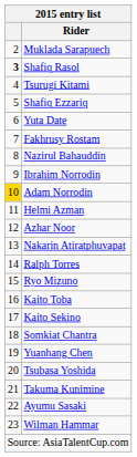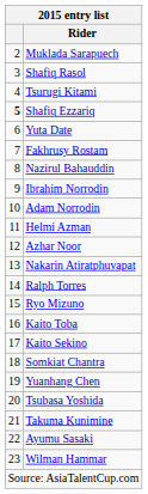 <table class="wikitable" style="font-size: 85%">
 <tr>
 <th colspan=3>2015 entry list</th>
 </tr>
 <tr>
 <th></th>
 <th>Rider</th>
 </tr>
 <tr>
 <td align=right>2</td>
 <td> <a href='#'>Muklada Sarapuech</a></td>
 </tr>
 <tr>
-<td align=right><strong>3</strong></td>
+<td align=right>3</td>
 <td> <a href='#'>Shafiq Rasol</a></td>
 </tr>
 <tr>
 <td align=right>4</td>
 <td> <a href='#'>Tsurugi Kitami</a></td>
 </tr>
 <tr>
-<td align=right>5</td>
+<td align=right><strong>5</strong></td>
 <td> <a href='#'>Shafiq Ezzariq</a></td>
 </tr>
 <tr>
 <td align=right>6</td>
 <td> <a href='#'>Yuta Date</a></td>
 </tr>
 <tr>
 <td align=right>7</td>
 <td> <a href='#'>Fakhrusy Rostam</a></td>
 </tr>
 <tr>
 <td align=right>8</td>
 <td> <a href='#'>Nazirul Bahauddin</a></td>
 </tr>
 <tr>
 <td align=right>9</td>
 <td> <a href='#'>Ibrahim Norrodin</a></td>
 </tr>
 <tr>
-<td align=right style="background: gold;">10</td>
+<td align=right>10</td>
 <td> <a href='#'>Adam Norrodin</a></td>
 </tr>
 <tr>
 <td align=right>11</td>
 <td> <a href='#'>Helmi Azman</a></td>
 </tr>
 <tr>
 <td align=right>12</td>
 <td> <a href='#'>Azhar Noor</a></td>
 </tr>
 <tr>
 <td align=right>13</td>
 <td> <a href='#'>Nakarin Atiratphuvapat</a></td>
 </tr>
 <tr>
 <td align=right>14</td>
 <td> <a href='#'>Ralph Torres</a></td>
 </tr>
 <tr>
 <td align=right>15</td>
 <td> <a href='#'>Ryo Mizuno</a></td>
 </tr>
 <tr>
 <td align=right>16</td>
 <td> <a href='#'>Kaito Toba</a></td>
 </tr>
 <tr>
 <td align=right>17</td>
 <td> <a href='#'>Kaito Sekino</a></td>
 </tr>
 <tr>
 <td align=right>18</td>
 <td> <a href='#'>Somkiat Chantra</a></td>
 </tr>
 <tr>
 <td align=right>19</td>
 <td> <a href='#'>Yuanhang Chen</a></td>
 </tr>
 <tr>
 <td align=right>20</td>
 <td> <a href='#'>Tsubasa Yoshida</a></td>
 </tr>
 <tr>
 <td align=right>21</td>
 <td> <a href='#'>Takuma Kunimine</a></td>
 </tr>
 <tr>
 <td align=right>22</td>
 <td> <a href='#'>Ayumu Sasaki</a></td>
 </tr>
 <tr>
 <td align=right>23</td>
 <td> <a href='#'>Wilman Hammar</a></td>
 </tr>
 <tr>
 <td colspan="3" align="center">Source: AsiaTalentCup.com</td>
 </tr>
 </table>
